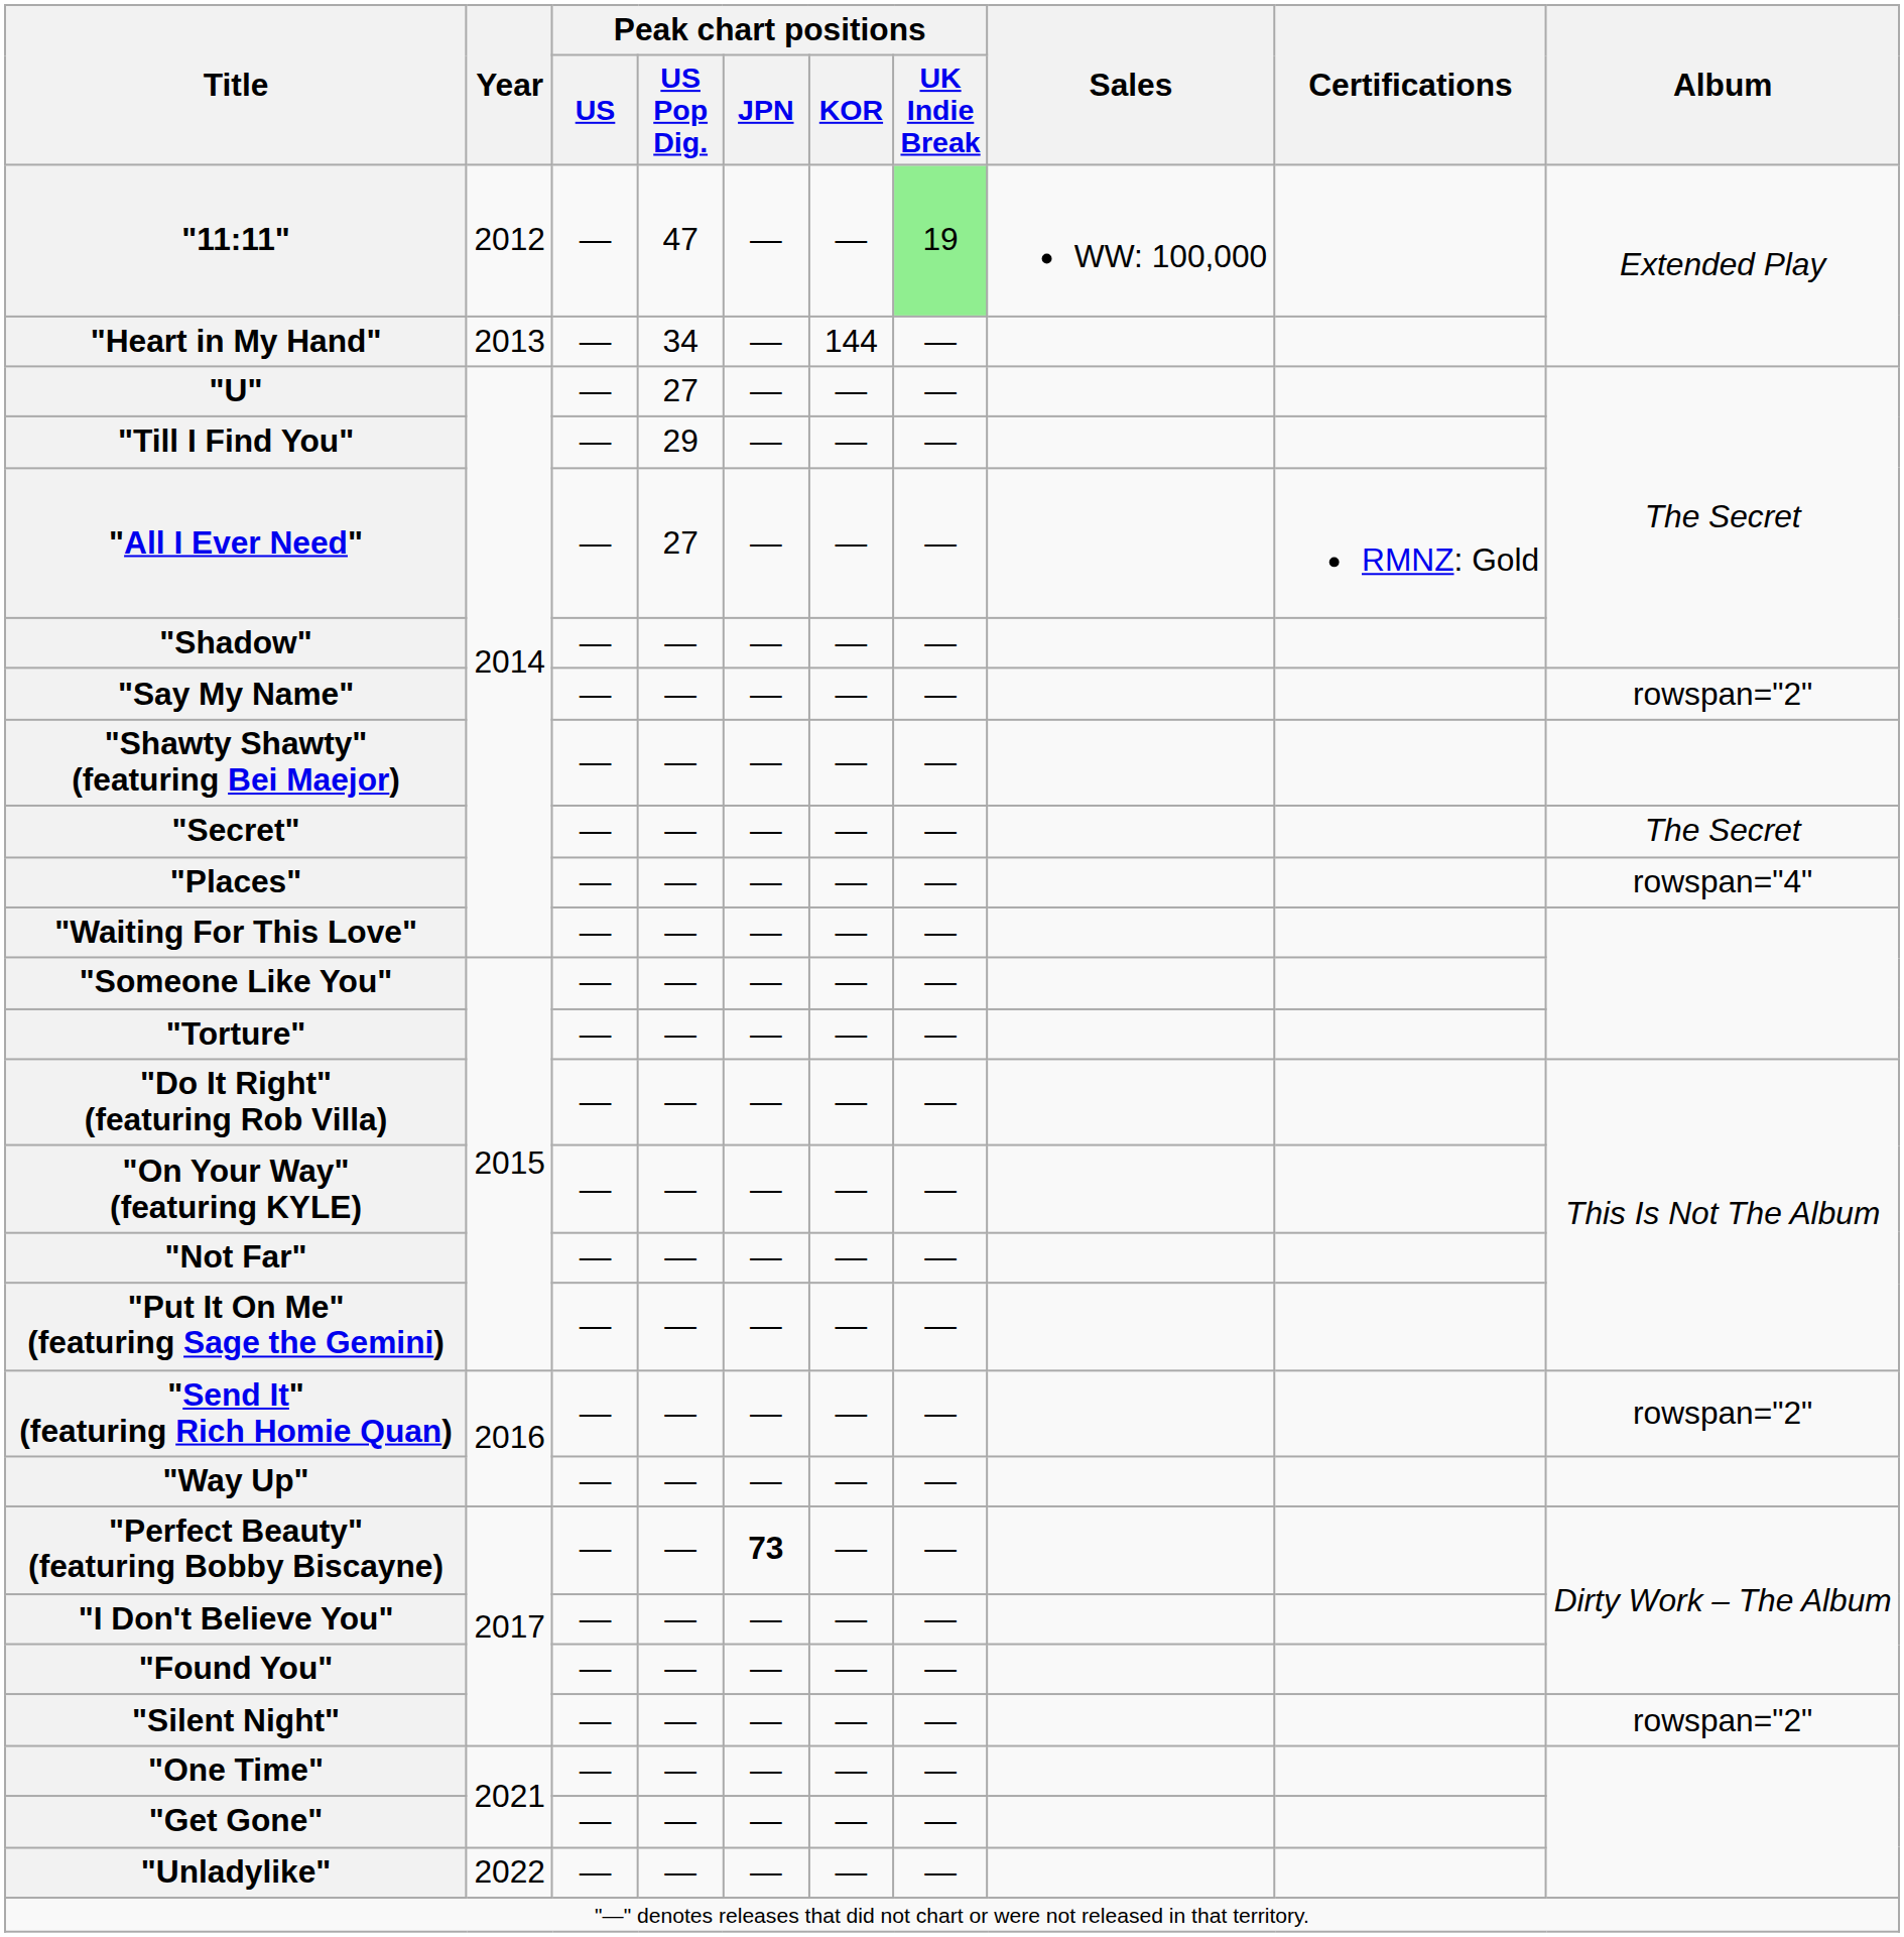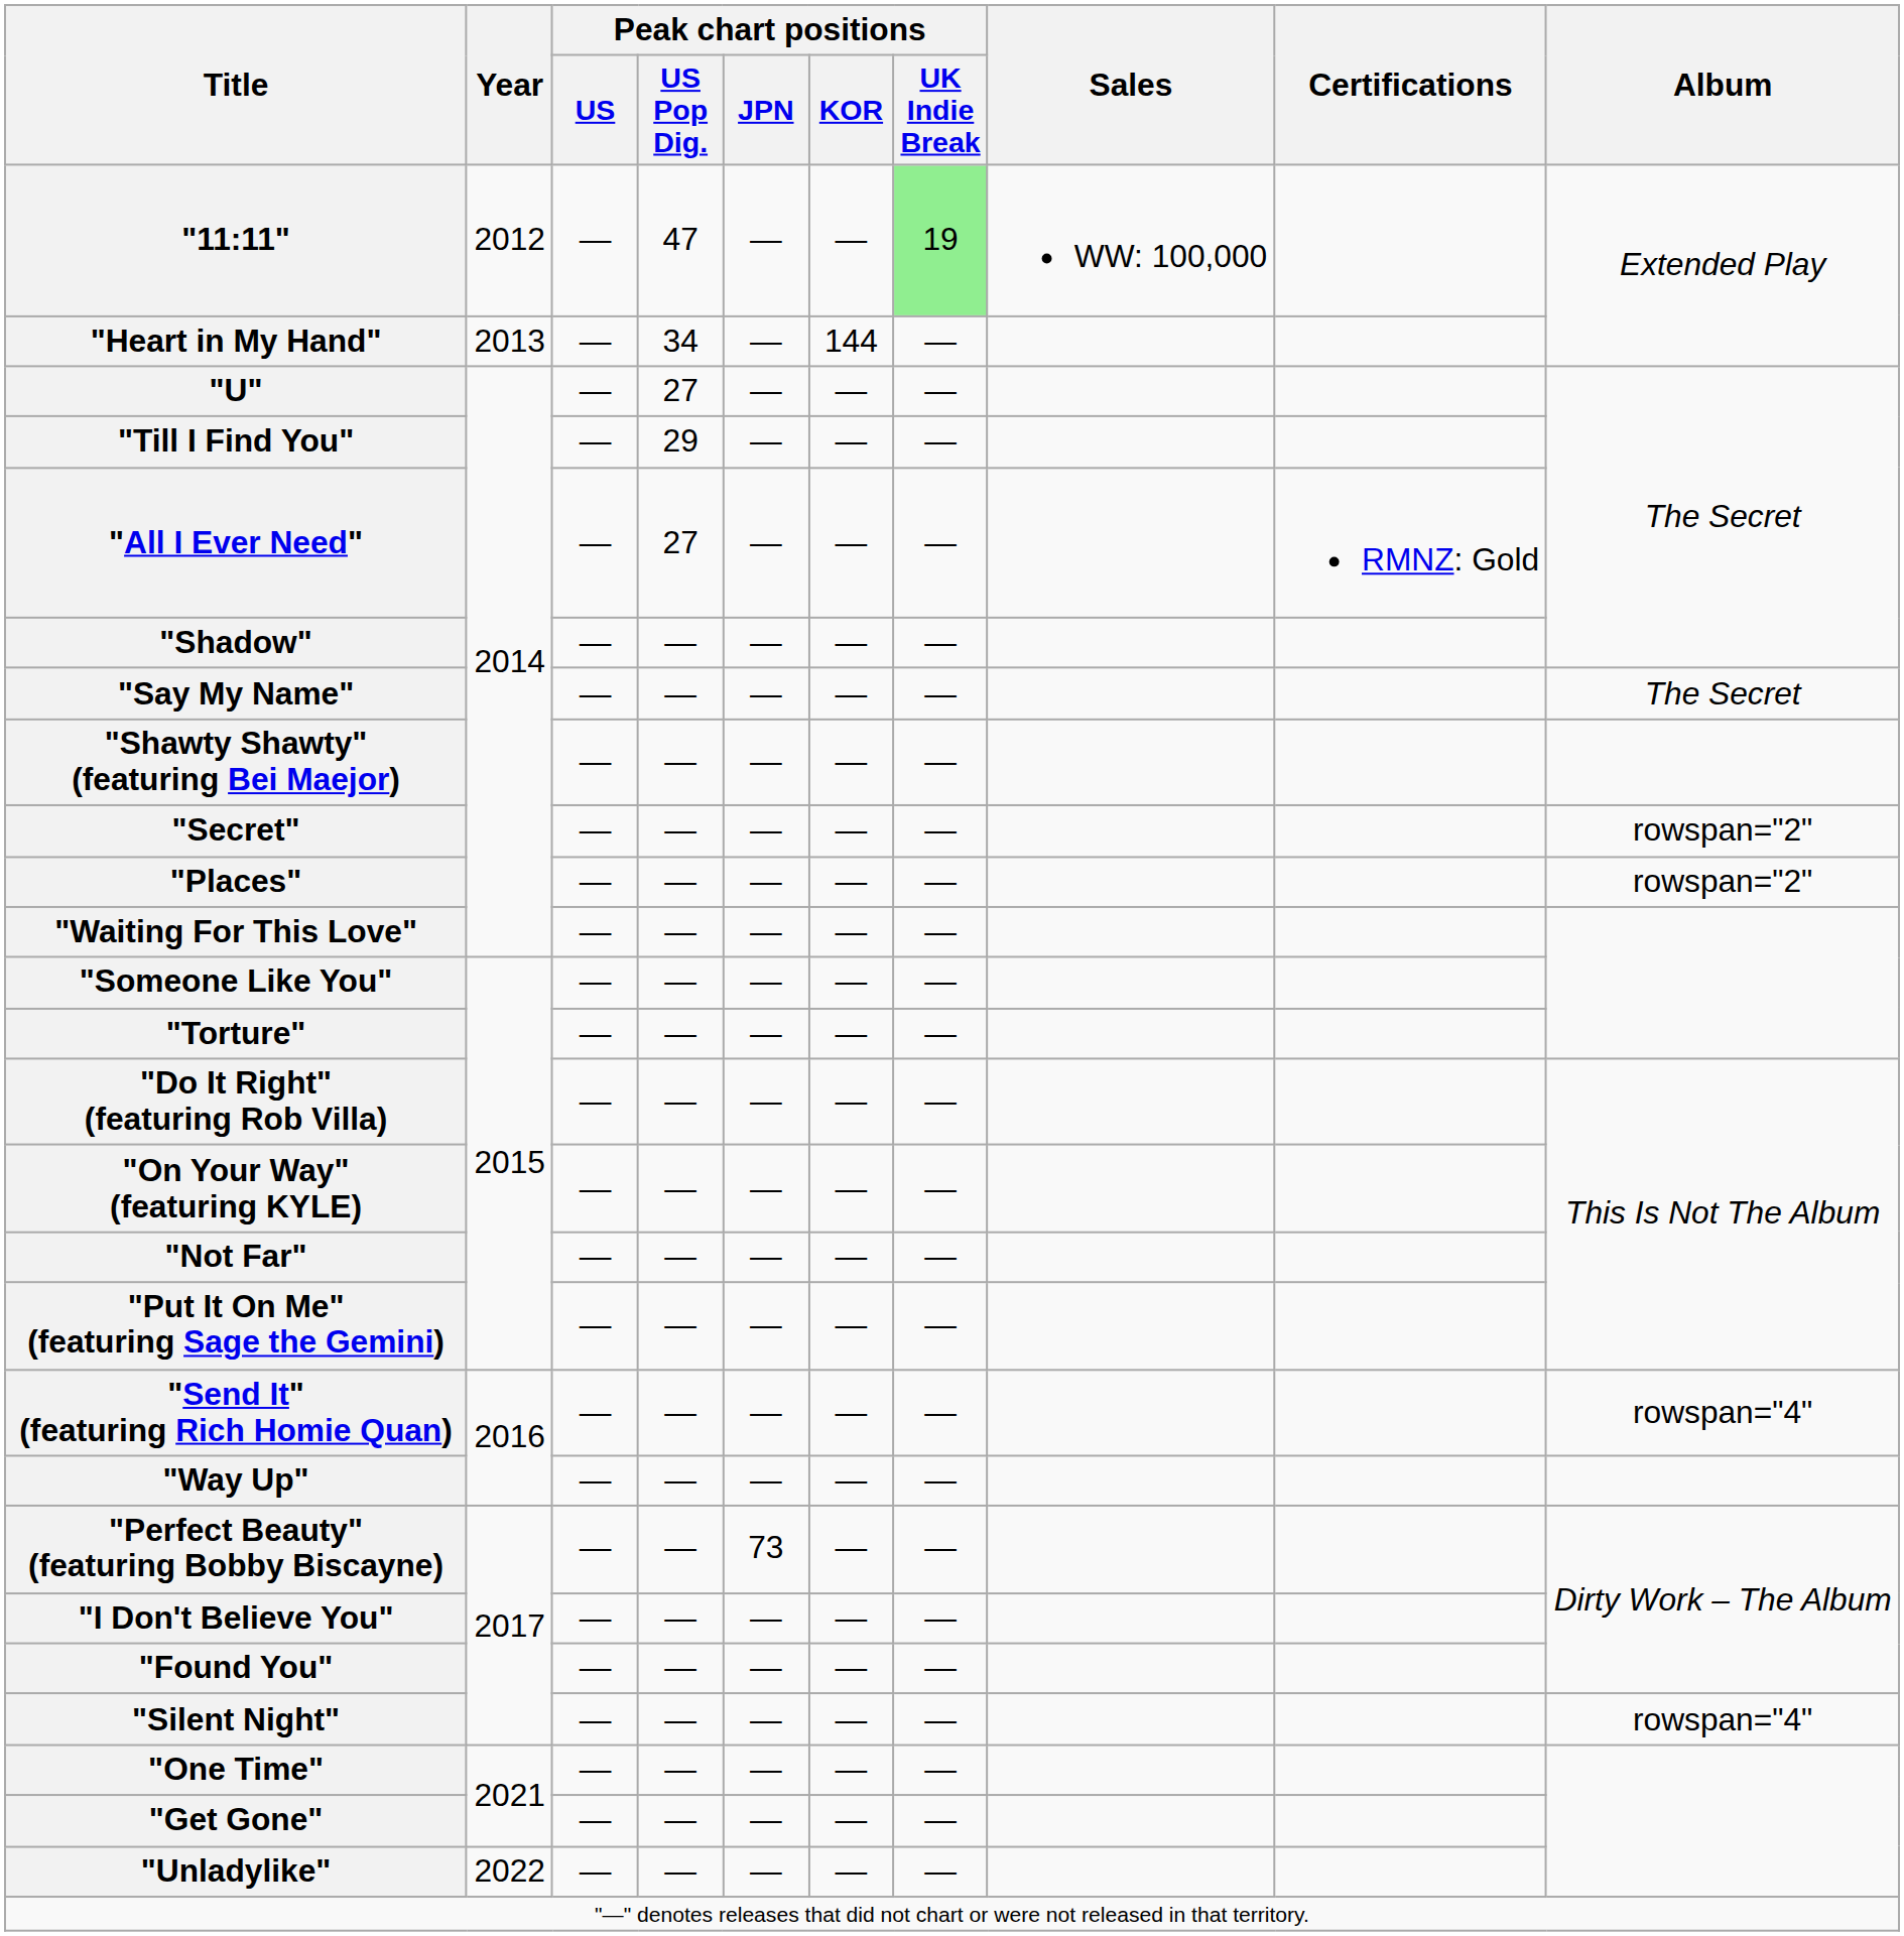 <table class="wikitable plainrowheaders" style="text-align:center;">
 <tr>
 <th scope="col" rowspan="2" style="width:14em;">Title</th>
 <th scope="col" rowspan="2">Year</th>
 <th scope="col" colspan="5">Peak chart positions</th>
 <th scope="col" rowspan="2">Sales</th>
 <th scope="col" rowspan="2">Certifications</th>
 <th scope="col" rowspan="2">Album</th>
 </tr>
 <tr>
 <th scope="col" style="width:2.5em;font-size:90%;"><a href='#'>US</a><br></th>
 <th scope="col" style="width:2.5em;font-size:90%;"><a href='#'>US<br>Pop Dig.</a><br></th>
 <th scope="col" style="width:2.5em;font-size:90%;"><a href='#'>JPN</a><br></th>
 <th scope="col" style="width:2.5em;font-size:90%;"><a href='#'>KOR</a><br></th>
 <th scope="col" style="width:2.5em;font-size:90%;"><a href='#'>UK<br>Indie<br>Break</a><br></th>
 </tr>
 <tr>
 <th scope="row">"11:11"</th>
 <td>2012</td>
 <td>—</td>
 <td>47</td>
 <td>—</td>
 <td>—</td>
 <td style="background: lightgreen;">19</td>
 <td><br><ul><li>WW: 100,000</li></ul></td>
 <td></td>
 <td rowspan="2"><em>Extended Play</em></td>
 </tr>
 <tr>
 <th scope="row">"Heart in My Hand"</th>
 <td>2013</td>
 <td>—</td>
 <td>34</td>
 <td>—</td>
 <td>144</td>
 <td>—</td>
 <td></td>
 <td></td>
 </tr>
 <tr>
 <th scope="row">"U"</th>
 <td rowspan="9">2014</td>
 <td>—</td>
 <td>27</td>
 <td>—</td>
 <td>—</td>
 <td>—</td>
 <td></td>
 <td></td>
 <td rowspan="4"><em>The Secret</em></td>
 </tr>
 <tr>
 <th scope="row">"Till I Find You"</th>
 <td>—</td>
 <td>29</td>
 <td>—</td>
 <td>—</td>
 <td>—</td>
 <td></td>
 <td></td>
 </tr>
 <tr>
 <th scope="row">"<a href='#'>All I Ever Need</a>"</th>
 <td>—</td>
 <td>27</td>
 <td>—</td>
 <td>—</td>
 <td>—</td>
 <td></td>
 <td><br><ul><li><a href='#'>RMNZ</a>: Gold</li></ul></td>
 </tr>
 <tr>
 <th scope="row">"Shadow"</th>
 <td>—</td>
 <td>—</td>
 <td>—</td>
 <td>—</td>
 <td>—</td>
 <td></td>
 <td></td>
 </tr>
 <tr>
 <th scope="row">"Say My Name"</th>
 <td>—</td>
 <td>—</td>
 <td>—</td>
 <td>—</td>
 <td>—</td>
 <td></td>
 <td></td>
-<td>rowspan="2" </td>
+<td><em>The Secret</em></td>
 </tr>
 <tr>
 <th scope="row">"Shawty Shawty"<br><span> (featuring <a href='#'>Bei Maejor</a>)</span></th>
 <td>—</td>
 <td>—</td>
 <td>—</td>
 <td>—</td>
 <td>—</td>
 <td></td>
 <td></td>
 </tr>
 <tr>
 <th scope="row">"Secret"</th>
 <td>—</td>
 <td>—</td>
 <td>—</td>
 <td>—</td>
 <td>—</td>
 <td></td>
 <td></td>
-<td><em>The Secret</em></td>
+<td>rowspan="2" </td>
 </tr>
 <tr>
 <th scope="row">"Places"</th>
 <td>—</td>
 <td>—</td>
 <td>—</td>
 <td>—</td>
 <td>—</td>
 <td></td>
 <td></td>
-<td>rowspan="4" </td>
+<td>rowspan="2" </td>
 </tr>
 <tr>
 <th scope="row">"Waiting For This Love"</th>
 <td>—</td>
 <td>—</td>
 <td>—</td>
 <td>—</td>
 <td>—</td>
 <td></td>
 <td></td>
 </tr>
 <tr>
 <th scope="row">"Someone Like You"</th>
 <td rowspan="6">2015</td>
 <td>—</td>
 <td>—</td>
 <td>—</td>
 <td>—</td>
 <td>—</td>
 <td></td>
 <td></td>
 </tr>
 <tr>
 <th scope="row">"Torture"</th>
 <td>—</td>
 <td>—</td>
 <td>—</td>
 <td>—</td>
 <td>—</td>
 <td></td>
 <td></td>
 </tr>
 <tr>
 <th scope="row">"Do It Right"<br><span> (featuring Rob Villa)</span></th>
 <td>—</td>
 <td>—</td>
 <td>—</td>
 <td>—</td>
 <td>—</td>
 <td></td>
 <td></td>
 <td rowspan="4"><em>This Is Not The Album</em></td>
 </tr>
 <tr>
 <th scope="row">"On Your Way"<br><span> (featuring KYLE)</span></th>
 <td>—</td>
 <td>—</td>
 <td>—</td>
 <td>—</td>
 <td>—</td>
 <td></td>
 <td></td>
 </tr>
 <tr>
 <th scope="row">"Not Far"</th>
 <td>—</td>
 <td>—</td>
 <td>—</td>
 <td>—</td>
 <td>—</td>
 <td></td>
 <td></td>
 </tr>
 <tr>
 <th scope="row">"Put It On Me"<br><span> (featuring <a href='#'>Sage the Gemini</a>)</span></th>
 <td>—</td>
 <td>—</td>
 <td>—</td>
 <td>—</td>
 <td>—</td>
 <td></td>
 <td></td>
 </tr>
 <tr>
 <th scope="row">"<a href='#'>Send It</a>"<br><span> (featuring <a href='#'>Rich Homie Quan</a>)</span></th>
 <td rowspan="2">2016</td>
 <td>—</td>
 <td>—</td>
 <td>—</td>
 <td>—</td>
 <td>—</td>
 <td></td>
 <td></td>
-<td>rowspan="2" </td>
+<td>rowspan="4" </td>
 </tr>
 <tr>
 <th scope="row">"Way Up"</th>
 <td>—</td>
 <td>—</td>
 <td>—</td>
 <td>—</td>
 <td>—</td>
 <td></td>
 <td></td>
 </tr>
 <tr>
 <th scope="row">"Perfect Beauty"<br><span> (featuring Bobby Biscayne)</span></th>
 <td rowspan="4">2017</td>
 <td>—</td>
 <td>—</td>
-<td><strong>73</strong></td>
+<td>73</td>
 <td>—</td>
 <td>—</td>
 <td></td>
 <td></td>
 <td rowspan="3"><em>Dirty Work – The Album</em></td>
 </tr>
 <tr>
 <th scope="row">"I Don't Believe You"</th>
 <td>—</td>
 <td>—</td>
 <td>—</td>
 <td>—</td>
 <td>—</td>
 <td></td>
 <td></td>
 </tr>
 <tr>
 <th scope="row">"Found You"</th>
 <td>—</td>
 <td>—</td>
 <td>—</td>
 <td>—</td>
 <td>—</td>
 <td></td>
 <td></td>
 </tr>
 <tr>
 <th scope="row">"Silent Night"</th>
 <td>—</td>
 <td>—</td>
 <td>—</td>
 <td>—</td>
 <td>—</td>
 <td></td>
 <td></td>
-<td>rowspan="2" </td>
+<td>rowspan="4" </td>
 </tr>
 <tr>
 <th scope="row">"One Time"</th>
 <td rowspan="2">2021</td>
 <td>—</td>
 <td>—</td>
 <td>—</td>
 <td>—</td>
 <td>—</td>
 <td></td>
 <td></td>
 </tr>
 <tr>
 <th scope="row">"Get Gone"</th>
 <td>—</td>
 <td>—</td>
 <td>—</td>
 <td>—</td>
 <td>—</td>
 <td></td>
 <td></td>
 </tr>
 <tr>
 <th scope="row">"Unladylike"</th>
 <td>2022</td>
 <td>—</td>
 <td>—</td>
 <td>—</td>
 <td>—</td>
 <td>—</td>
 <td></td>
 <td></td>
 </tr>
 <tr>
 <td align="center" colspan="15" style="font-size:8pt">"—" denotes releases that did not chart or were not released in that territory.</td>
 </tr>
 </table>
